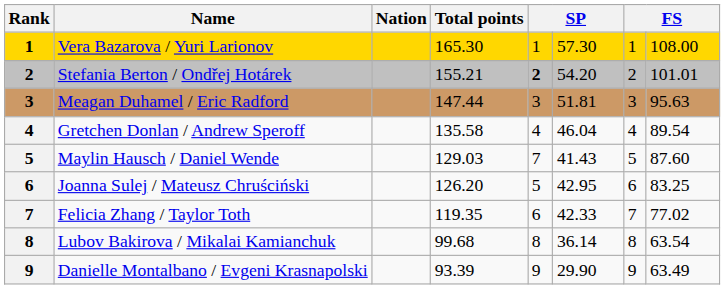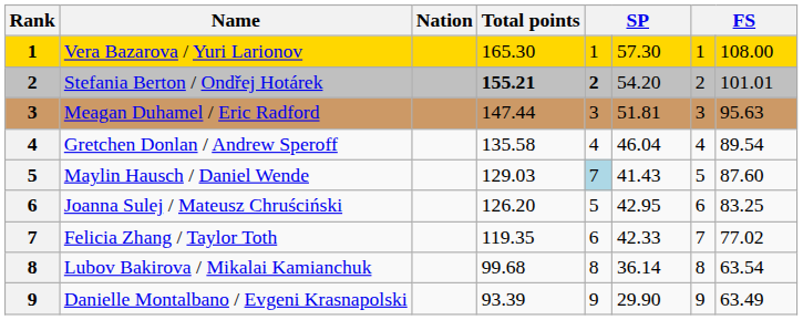 <table class="wikitable">
 <tr>
 <th>Rank</th>
 <th>Name</th>
 <th>Nation</th>
 <th>Total points</th>
 <th colspan="2" width="80px"><a href='#'>SP</a></th>
 <th colspan="2" width="80px"><a href='#'>FS</a></th>
 </tr>
 <tr bgcolor="gold">
 <td align="center"><strong>1</strong></td>
 <td><a href='#'>Vera Bazarova</a> / <a href='#'>Yuri Larionov</a></td>
 <td></td>
 <td>165.30</td>
 <td>1</td>
 <td>57.30</td>
 <td>1</td>
 <td>108.00</td>
 </tr>
 <tr bgcolor="silver">
 <td align="center"><strong>2</strong></td>
 <td><a href='#'>Stefania Berton</a> / <a href='#'>Ondřej Hotárek</a></td>
 <td></td>
-<td>155.21</td>
+<td><strong>155.21</strong></td>
 <td><strong>2</strong></td>
 <td>54.20</td>
 <td>2</td>
 <td>101.01</td>
 </tr>
 <tr bgcolor="cc9966">
 <td align="center"><strong>3</strong></td>
 <td><a href='#'>Meagan Duhamel</a> / <a href='#'>Eric Radford</a></td>
 <td></td>
 <td>147.44</td>
 <td>3</td>
 <td>51.81</td>
 <td>3</td>
 <td>95.63</td>
 </tr>
 <tr>
 <th>4</th>
 <td><a href='#'>Gretchen Donlan</a> / <a href='#'>Andrew Speroff</a></td>
 <td></td>
 <td>135.58</td>
 <td>4</td>
 <td>46.04</td>
 <td>4</td>
 <td>89.54</td>
 </tr>
 <tr>
 <th>5</th>
 <td><a href='#'>Maylin Hausch</a> / <a href='#'>Daniel Wende</a></td>
 <td></td>
 <td>129.03</td>
-<td>7</td>
+<td style="background: lightblue;">7</td>
 <td>41.43</td>
 <td>5</td>
 <td>87.60</td>
 </tr>
 <tr>
 <th>6</th>
 <td><a href='#'>Joanna Sulej</a> / <a href='#'>Mateusz Chruściński</a></td>
 <td></td>
 <td>126.20</td>
 <td>5</td>
 <td>42.95</td>
 <td>6</td>
 <td>83.25</td>
 </tr>
 <tr>
 <th>7</th>
 <td><a href='#'>Felicia Zhang</a> / <a href='#'>Taylor Toth</a></td>
 <td></td>
 <td>119.35</td>
 <td>6</td>
 <td>42.33</td>
 <td>7</td>
 <td>77.02</td>
 </tr>
 <tr>
 <th>8</th>
 <td><a href='#'>Lubov Bakirova</a> / <a href='#'>Mikalai Kamianchuk</a></td>
 <td></td>
 <td>99.68</td>
 <td>8</td>
 <td>36.14</td>
 <td>8</td>
 <td>63.54</td>
 </tr>
 <tr>
 <th>9</th>
 <td><a href='#'>Danielle Montalbano</a> / <a href='#'>Evgeni Krasnapolski</a></td>
 <td></td>
 <td>93.39</td>
 <td>9</td>
 <td>29.90</td>
 <td>9</td>
 <td>63.49</td>
 </tr>
 </table>
